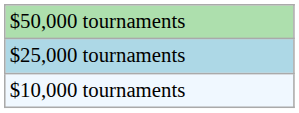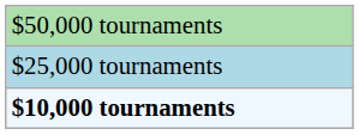 <table class="wikitable" style="font-size:85%;" width=15%>
 <tr style="background:#addfad;">
 <td>$50,000 tournaments</td>
 </tr>
 <tr style="background:lightblue;">
 <td>$25,000 tournaments</td>
 </tr>
 <tr style="background:#f0f8ff;">
-<td>$10,000 tournaments</td>
+<td><strong>$10,000 tournaments</strong></td>
 </tr>
 </table>
